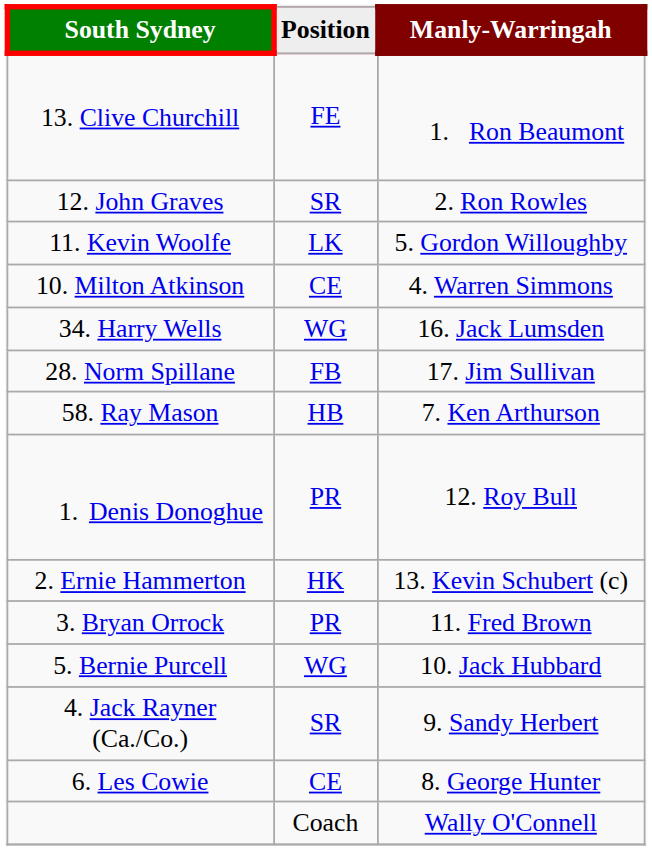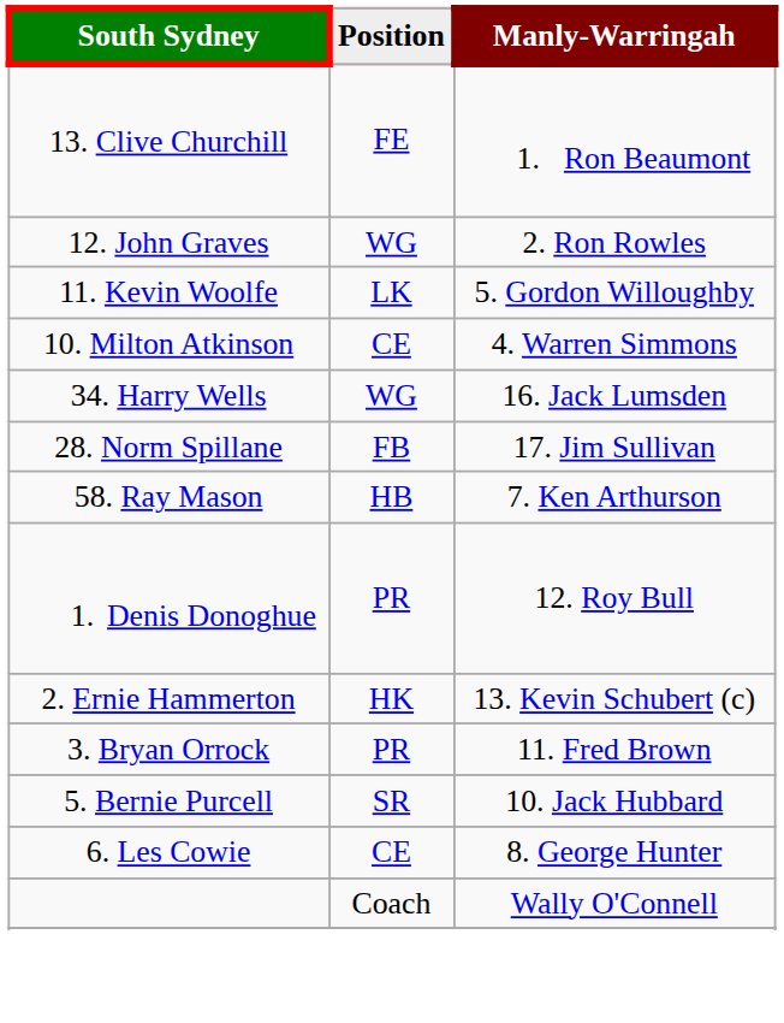 <table align="right" class="wikitable" style="font-size:90%; margin-left:1em">
 <tr bgcolor="#FF0033">
 <th style="width:140px; border:3px solid red; background: green; color: white">South Sydney</th>
 <th style="width:40px; text-align:center; background:#eee; color:black;">Position</th>
 <th style="width:140px; border:3px solid maroon; background: maroon; color: white">Manly-Warringah</th>
 </tr>
 <tr align=center>
 <td>13. <a href='#'>Clive Churchill</a></td>
 <td><a href='#'>FE</a></td>
 <td><br><ol><li><a href='#'>Ron Beaumont</a></li></ol></td>
 </tr>
 <tr align=center>
 <td>12. <a href='#'>John Graves</a></td>
-<td><a href='#'>SR</a></td>
+<td><a href='#'>WG</a></td>
 <td>2. <a href='#'>Ron Rowles</a></td>
 </tr>
 <tr align=center>
 <td>11. <a href='#'>Kevin Woolfe</a></td>
 <td><a href='#'>LK</a></td>
 <td>5. <a href='#'>Gordon Willoughby</a></td>
 </tr>
 <tr align=center>
 <td>10. <a href='#'>Milton Atkinson</a></td>
 <td><a href='#'>CE</a></td>
 <td>4. <a href='#'>Warren Simmons</a></td>
 </tr>
 <tr align=center>
 <td>34. <a href='#'>Harry Wells</a></td>
 <td><a href='#'>WG</a></td>
 <td>16. <a href='#'>Jack Lumsden</a></td>
 </tr>
 <tr align=center>
 <td>28. <a href='#'>Norm Spillane</a></td>
 <td><a href='#'>FB</a></td>
 <td>17. <a href='#'>Jim Sullivan</a></td>
 </tr>
 <tr align=center>
 <td>58. <a href='#'>Ray Mason</a></td>
 <td><a href='#'>HB</a></td>
 <td>7. <a href='#'>Ken Arthurson</a></td>
 </tr>
 <tr align=center>
 <td><br><ol><li><a href='#'>Denis Donoghue</a></li></ol></td>
 <td><a href='#'>PR</a></td>
 <td>12. <a href='#'>Roy Bull</a></td>
 </tr>
 <tr align=center>
 <td>2. <a href='#'>Ernie Hammerton</a></td>
 <td><a href='#'>HK</a></td>
 <td>13. <a href='#'>Kevin Schubert</a> (c)</td>
 </tr>
 <tr align=center>
 <td>3. <a href='#'>Bryan Orrock</a></td>
 <td><a href='#'>PR</a></td>
 <td>11. <a href='#'>Fred Brown</a></td>
 </tr>
 <tr align=center>
 <td>5. <a href='#'>Bernie Purcell</a></td>
-<td><a href='#'>WG</a></td>
+<td><a href='#'>SR</a></td>
 <td>10. <a href='#'>Jack Hubbard</a></td>
-</tr>
-<tr align=center>
-<td>4. <a href='#'>Jack Rayner</a> (Ca./Co.)</td>
-<td><a href='#'>SR</a></td>
-<td>9. <a href='#'>Sandy Herbert</a></td>
 </tr>
 <tr align=center>
 <td>6. <a href='#'>Les Cowie</a></td>
 <td><a href='#'>CE</a></td>
 <td>8. <a href='#'>George Hunter</a></td>
 </tr>
 <tr align=center>
 <td></td>
 <td>Coach</td>
 <td><a href='#'>Wally O'Connell</a></td>
 </tr>
 <tr>
 </tr>
 <tr>
 </tr>
 </table>
